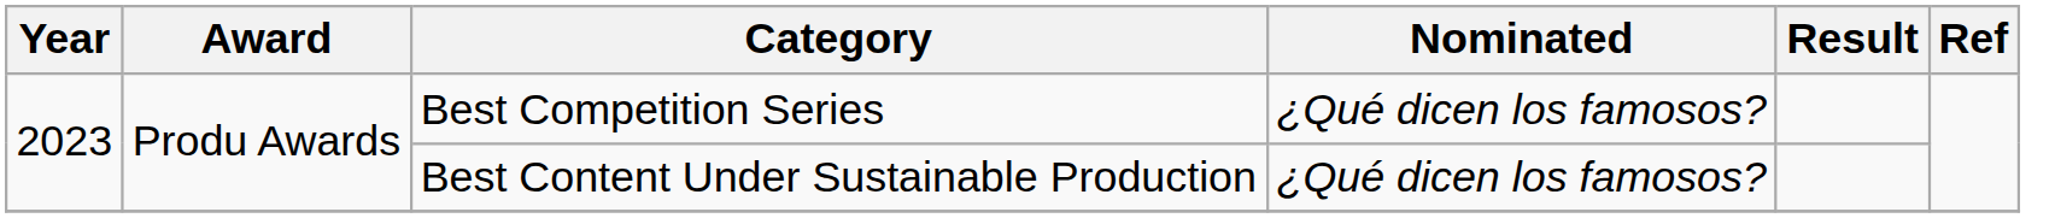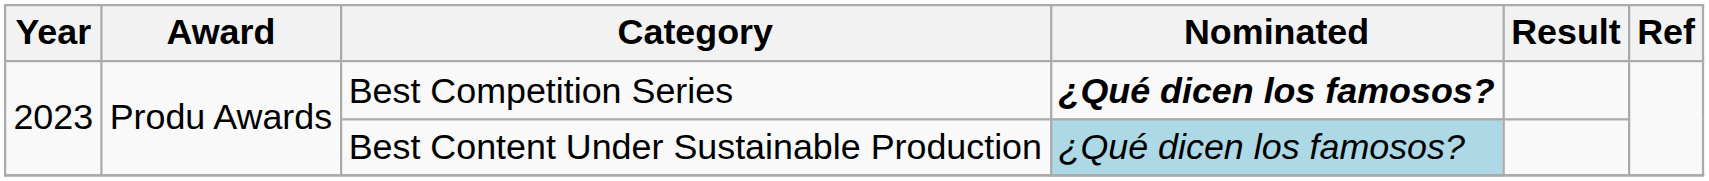 <table class="wikitable plainrowheaders">
 <tr>
 <th scope="col">Year</th>
 <th scope="col">Award</th>
 <th scope="col">Category</th>
 <th scope="col">Nominated</th>
 <th scope="col">Result</th>
 <th scope="col">Ref</th>
 </tr>
 <tr>
 <td rowspan="2">2023</td>
 <td rowspan="2">Produ Awards</td>
 <td>Best Competition Series</td>
-<td><em>¿Qué dicen los famosos?</em></td>
+<td><strong><em>¿Qué dicen los famosos?</em></strong></td>
 <td></td>
 <td align="center" rowspan="2"></td>
 </tr>
 <tr>
 <td>Best Content Under Sustainable Production</td>
-<td><em>¿Qué dicen los famosos?</em></td>
+<td style="background: lightblue;"><em>¿Qué dicen los famosos?</em></td>
 <td></td>
 </tr>
 <tr>
 </tr>
 </table>
